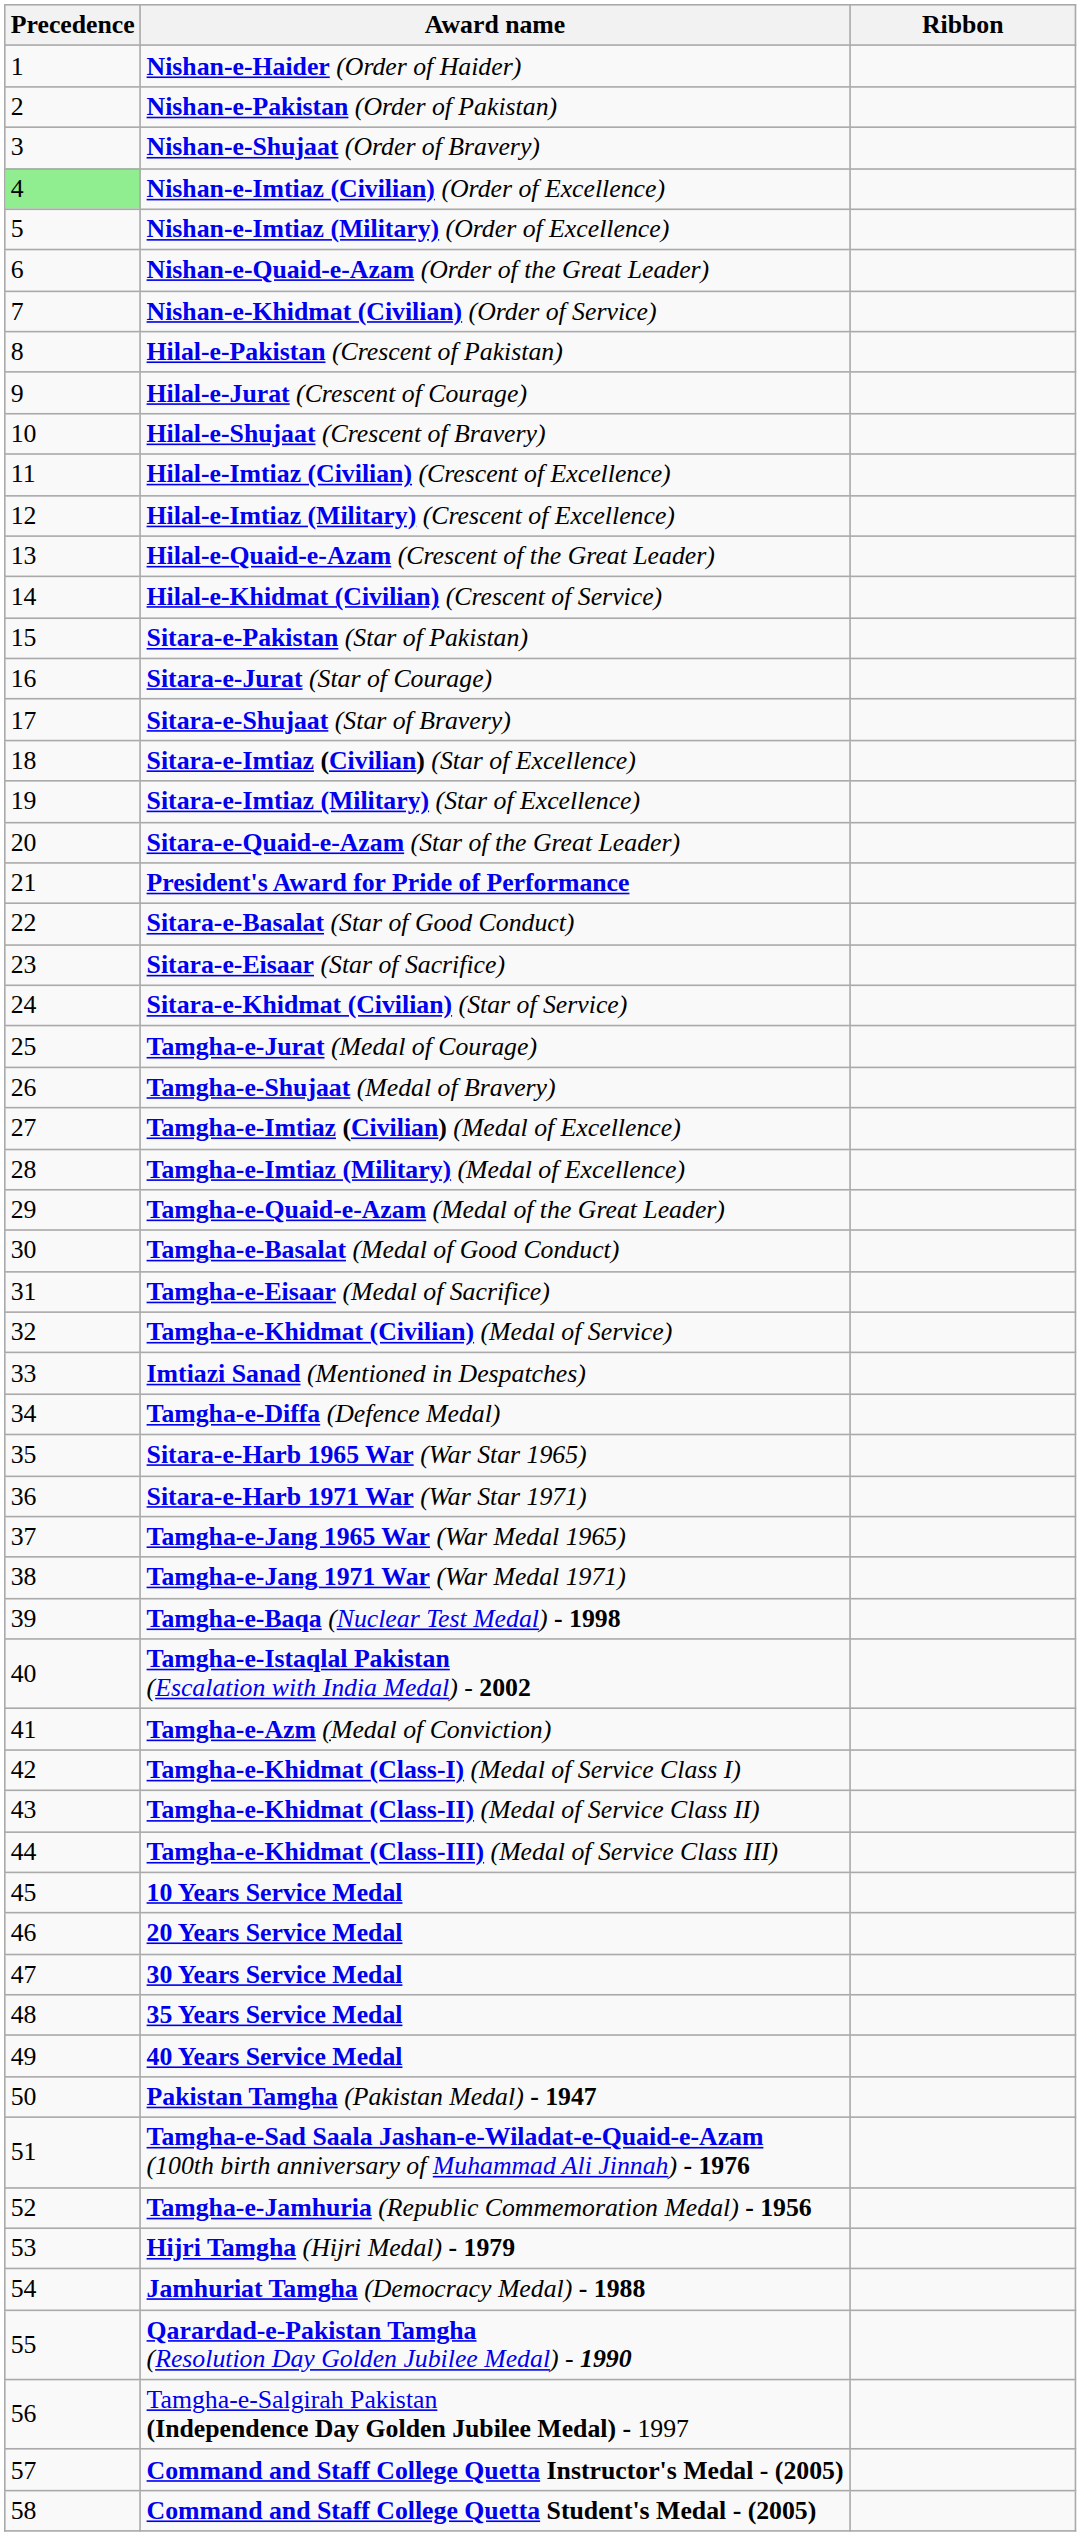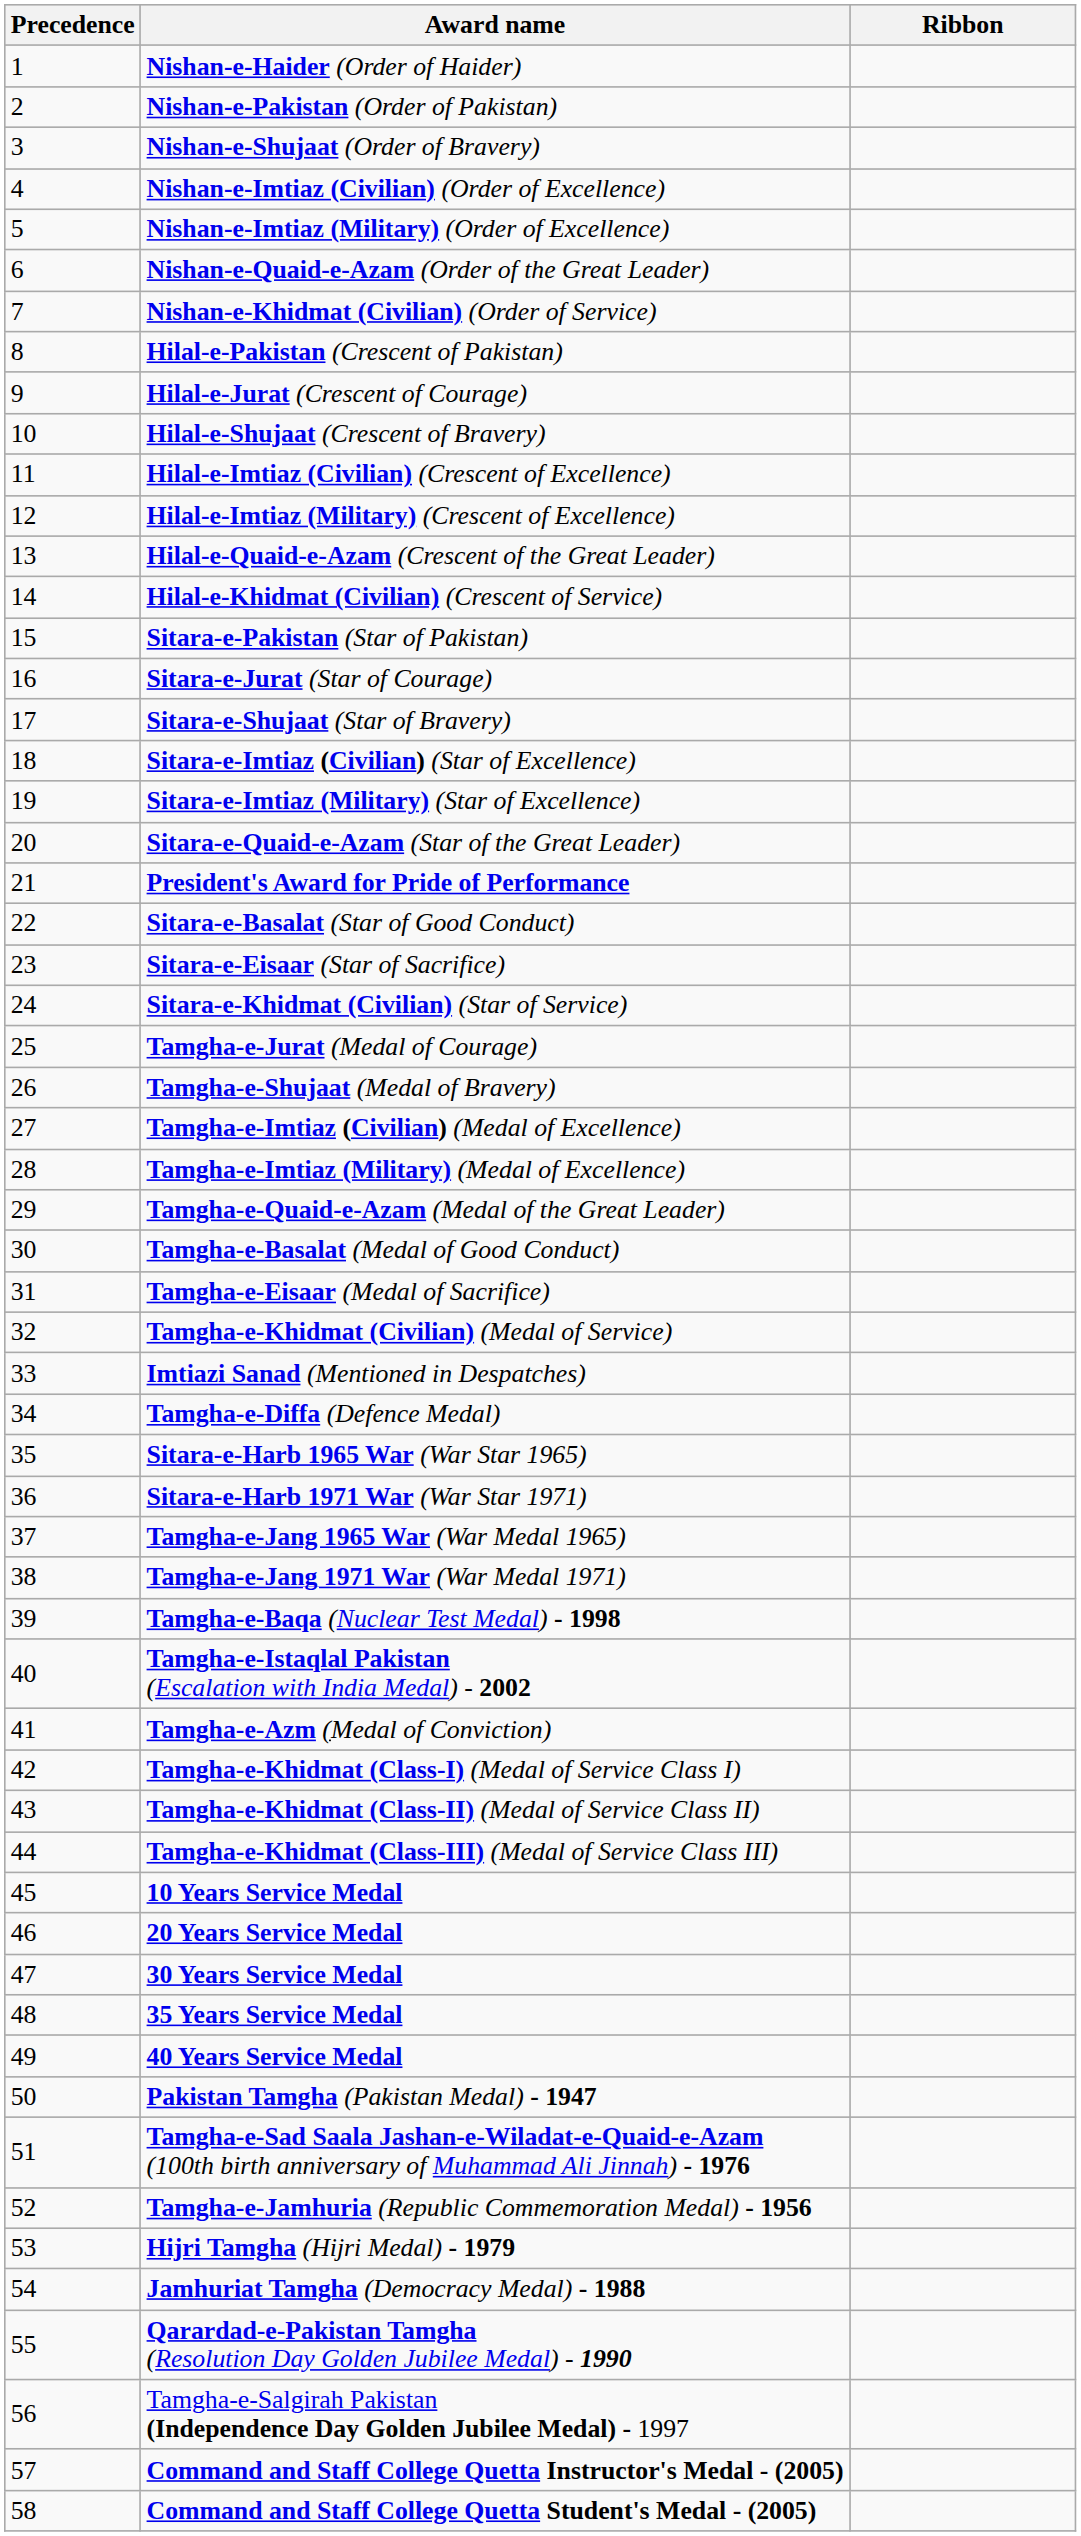 <table class="wikitable sortable">
 <tr>
 <th>Precedence</th>
 <th>Award name</th>
 <th style="width: 100pt;">Ribbon</th>
 </tr>
 <tr>
 <td>1</td>
 <td><strong><a href='#'>Nishan-e-Haider</a></strong> <em>(Order of Haider)</em></td>
 <td width="100" style="text-align: center;"></td>
 </tr>
 <tr>
 <td>2</td>
 <td><strong><a href='#'>Nishan-e-Pakistan</a></strong> <em>(Order of Pakistan)</em></td>
 <td width="100" style="text-align: center;"></td>
 </tr>
 <tr>
 <td>3</td>
 <td><strong><a href='#'>Nishan-e-Shujaat</a></strong> <em>(Order of Bravery)</em></td>
 <td width="100" style="text-align: center;"></td>
 </tr>
 <tr>
-<td style="background: lightgreen;">4</td>
+<td>4</td>
 <td><strong><a href='#'>Nishan-e-Imtiaz (Civilian)</a></strong> <em>(Order of Excellence)</em></td>
 <td width="100" style="text-align: center;"></td>
 </tr>
 <tr>
 <td>5</td>
 <td><strong><a href='#'>Nishan-e-Imtiaz (Military)</a></strong> <em>(Order of Excellence)</em></td>
 <td width="100" style="text-align: center;"></td>
 </tr>
 <tr>
 <td>6</td>
 <td><strong><a href='#'>Nishan-e-Quaid-e-Azam</a></strong> <em>(Order of the Great Leader)</em></td>
 <td width="100" style="text-align: center;"></td>
 </tr>
 <tr>
 <td>7</td>
 <td><strong><a href='#'>Nishan-e-Khidmat (Civilian)</a></strong> <em>(Order of Service)</em></td>
 <td width="100" style="text-align: center;"></td>
 </tr>
 <tr>
 <td>8</td>
 <td><strong><a href='#'>Hilal-e-Pakistan</a></strong> <em>(Crescent of Pakistan)</em></td>
 <td width="100" style="text-align: center;"></td>
 </tr>
 <tr>
 <td>9</td>
 <td><strong><a href='#'>Hilal-e-Jurat</a></strong> <em>(Crescent of Courage)</em></td>
 <td width="100" style="text-align: center;"></td>
 </tr>
 <tr>
 <td>10</td>
 <td><strong><a href='#'>Hilal-e-Shujaat</a></strong> <em>(Crescent of Bravery)</em></td>
 <td width="100" style="text-align: center;"></td>
 </tr>
 <tr>
 <td>11</td>
 <td><strong><a href='#'>Hilal-e-Imtiaz (Civilian)</a></strong> <em>(Crescent of Excellence)</em></td>
 <td width="100" style="text-align: center;"></td>
 </tr>
 <tr>
 <td>12</td>
 <td><strong><a href='#'>Hilal-e-Imtiaz (Military)</a></strong> <em>(Crescent of Excellence)</em></td>
 <td width="100" style="text-align: center;"></td>
 </tr>
 <tr>
 <td>13</td>
 <td><strong><a href='#'>Hilal-e-Quaid-e-Azam</a></strong> <em>(Crescent of the Great Leader)</em></td>
 <td width="100" style="text-align: center;"></td>
 </tr>
 <tr>
 <td>14</td>
 <td><strong><a href='#'>Hilal-e-Khidmat (Civilian)</a></strong> <em>(Crescent of Service)</em></td>
 <td width="100" style="text-align: center;"></td>
 </tr>
 <tr>
 <td>15</td>
 <td><strong><a href='#'>Sitara-e-Pakistan</a></strong> <em>(Star of Pakistan)</em></td>
 <td width="100" style="text-align: center;"></td>
 </tr>
 <tr>
 <td>16</td>
 <td><strong><a href='#'>Sitara-e-Jurat</a></strong> <em>(Star of Courage)</em></td>
 <td width="100" style="text-align: center;"></td>
 </tr>
 <tr>
 <td>17</td>
 <td><strong><a href='#'>Sitara-e-Shujaat</a></strong> <em>(Star  of Bravery)</em></td>
 <td width="100" style="text-align: center;"></td>
 </tr>
 <tr>
 <td>18</td>
 <td><strong><a href='#'>Sitara-e-Imtiaz</a> (<a href='#'>Civilian</a>)</strong> <em>(Star of Excellence)</em></td>
 <td width="100" style="text-align: center;"></td>
 </tr>
 <tr>
 <td>19</td>
 <td><strong><a href='#'>Sitara-e-Imtiaz (Military)</a></strong> <em>(Star of Excellence)</em></td>
 <td style="width: 100pt; text-align: center;"></td>
 </tr>
 <tr>
 <td>20</td>
 <td><strong><a href='#'>Sitara-e-Quaid-e-Azam</a></strong> <em>(Star of the Great Leader)</em></td>
 <td style="width: 100pt; text-align: center;"></td>
 </tr>
 <tr>
 <td>21</td>
 <td><strong><a href='#'>President's Award for Pride of Performance</a></strong></td>
 <td width="100" style="text-align: center;"></td>
 </tr>
 <tr>
 <td>22</td>
 <td><strong><a href='#'>Sitara-e-Basalat</a></strong> <em>(Star of Good Conduct)</em></td>
 <td width="100" style="text-align: center;"></td>
 </tr>
 <tr>
 <td>23</td>
 <td><strong><a href='#'>Sitara-e-Eisaar</a></strong> <em>(Star of Sacrifice)</em></td>
 <td width="100" style="text-align: center;"></td>
 </tr>
 <tr>
 <td>24</td>
 <td><strong><a href='#'>Sitara-e-Khidmat (Civilian)</a></strong> <em>(Star of Service)</em></td>
 <td width="100" style="text-align: center;"></td>
 </tr>
 <tr>
 <td>25</td>
 <td><strong><a href='#'>Tamgha-e-Jurat</a></strong> <em>(Medal of Courage)</em></td>
 <td width="100" style="text-align: center;"></td>
 </tr>
 <tr>
 <td>26</td>
 <td><strong><a href='#'>Tamgha-e-Shujaat</a></strong> <em>(Medal of Bravery)</em></td>
 <td width="100" style="text-align: center;"></td>
 </tr>
 <tr>
 <td>27</td>
 <td><strong><a href='#'>Tamgha-e-Imtiaz</a> (<a href='#'>Civilian</a>)</strong> <em>(Medal of Excellence)</em></td>
 <td width="100" style="text-align: center;"></td>
 </tr>
 <tr>
 <td>28</td>
 <td><strong><a href='#'>Tamgha-e-Imtiaz (Military)</a></strong> <em>(Medal of Excellence)</em></td>
 <td width="100" style="text-align: center;"></td>
 </tr>
 <tr>
 <td>29</td>
 <td><strong><a href='#'>Tamgha-e-Quaid-e-Azam</a></strong> <em>(Medal of the Great Leader)</em></td>
 <td width="100" style="text-align: center;"></td>
 </tr>
 <tr>
 <td>30</td>
 <td><strong><a href='#'>Tamgha-e-Basalat</a></strong> <em>(Medal of Good Conduct)</em></td>
 <td width="100" style="text-align: center;"></td>
 </tr>
 <tr>
 <td>31</td>
 <td><strong><a href='#'>Tamgha-e-Eisaar</a></strong> <em>(Medal of Sacrifice)</em></td>
 <td width="100" style="text-align: center;"></td>
 </tr>
 <tr>
 <td>32</td>
 <td><strong><a href='#'>Tamgha-e-Khidmat (Civilian)</a></strong> <em>(Medal of Service)</em></td>
 <td width="100" style="text-align: center;"></td>
 </tr>
 <tr>
 <td>33</td>
 <td><strong><a href='#'>Imtiazi Sanad</a></strong> <em>(Mentioned in Despatches)</em></td>
 <td width="100" style="text-align: center;"></td>
 </tr>
 <tr>
 <td>34</td>
 <td><strong><a href='#'>Tamgha-e-Diffa</a></strong> <em>(Defence Medal)</em></td>
 <td width="100" style="text-align: center;"></td>
 </tr>
 <tr>
 <td>35</td>
 <td><strong><a href='#'>Sitara-e-Harb 1965 War</a></strong> <em>(War Star 1965)</em></td>
 <td width="100" style="text-align: center;"></td>
 </tr>
 <tr>
 <td>36</td>
 <td><strong><a href='#'>Sitara-e-Harb 1971 War</a></strong> <em>(War Star 1971)</em></td>
 <td width="100" style="text-align: center;"></td>
 </tr>
 <tr>
 <td>37</td>
 <td><strong><a href='#'>Tamgha-e-Jang 1965 War</a></strong> <em>(War Medal 1965)</em></td>
 <td width="100" style="text-align: center;"></td>
 </tr>
 <tr>
 <td>38</td>
 <td><strong><a href='#'>Tamgha-e-Jang 1971 War</a></strong> <em>(War Medal 1971)</em></td>
 <td width="100" style="text-align: center;"></td>
 </tr>
 <tr>
 <td>39</td>
 <td><strong><a href='#'>Tamgha-e-Baqa</a></strong> <em>(<a href='#'>Nuclear Test Medal</a>)</em> <strong>- 1998</strong></td>
 <td width="100" style="text-align: center;"></td>
 </tr>
 <tr>
 <td>40</td>
 <td><strong><a href='#'>Tamgha-e-Istaqlal Pakistan</a></strong><br><em>(<a href='#'>Escalation with India Medal</a>) -</em> <strong>2002</strong></td>
 <td width="100" style="text-align: center;"></td>
 </tr>
 <tr>
 <td>41</td>
 <td><strong><a href='#'>Tamgha-e-Azm</a></strong> <em><u>(</u>Medal of Conviction)</em></td>
 <td width="100" style="text-align: center;"></td>
 </tr>
 <tr>
 <td>42</td>
 <td><strong><a href='#'>Tamgha-e-Khidmat (Class-I)</a></strong> <em>(Medal of Service Class I)</em></td>
 <td width="100" style="text-align: center;"></td>
 </tr>
 <tr>
 <td>43</td>
 <td><strong><a href='#'>Tamgha-e-Khidmat (Class-II)</a></strong> <em>(Medal of Service Class II)</em></td>
 <td width="100" style="text-align: center;"></td>
 </tr>
 <tr>
 <td>44</td>
 <td><strong><a href='#'>Tamgha-e-Khidmat (Class-III)</a></strong> <em>(Medal of Service Class III)</em></td>
 <td width="100" style="text-align: center;"></td>
 </tr>
 <tr>
 <td>45</td>
 <td><strong><a href='#'>10 Years Service Medal</a></strong></td>
 <td width="100" style="text-align: center;"></td>
 </tr>
 <tr>
 <td>46</td>
 <td><strong><a href='#'>20 Years Service Medal</a></strong></td>
 <td width="100" style="text-align: center;"></td>
 </tr>
 <tr>
 <td>47</td>
 <td><strong><a href='#'>30 Years Service Medal</a></strong></td>
 <td width="100" style="text-align: center;"></td>
 </tr>
 <tr>
 <td>48</td>
 <td><strong><a href='#'>35 Years Service Medal</a></strong></td>
 <td width="100" style="text-align: center;"></td>
 </tr>
 <tr>
 <td>49</td>
 <td><strong><a href='#'>40 Years Service Medal</a></strong></td>
 <td width="100" style="text-align: center;"></td>
 </tr>
 <tr>
 <td>50</td>
 <td><strong><a href='#'>Pakistan Tamgha</a></strong> <em>(Pakistan Medal)</em> <strong>- 1947</strong></td>
 <td width="100" style="text-align: center;"></td>
 </tr>
 <tr>
 <td>51</td>
 <td><strong><a href='#'>Tamgha-e-Sad Saala Jashan-e-Wiladat-e-Quaid-e-Azam</a></strong><br><em>(100th birth anniversary of <a href='#'>Muhammad Ali Jinnah</a>)</em> <strong>- 1976</strong></td>
 <td width="100" style="text-align: center;"></td>
 </tr>
 <tr>
 <td>52</td>
 <td><strong><a href='#'>Tamgha-e-Jamhuria</a></strong> <em>(Republic Commemoration Medal)</em> <strong>- 1956</strong></td>
 <td width="100" style="text-align: center;"></td>
 </tr>
 <tr>
 <td>53</td>
 <td><strong><a href='#'>Hijri Tamgha</a></strong> <em>(Hijri Medal)</em> <strong>- 1979</strong></td>
 <td width="100" style="text-align: center;"></td>
 </tr>
 <tr>
 <td>54</td>
 <td><strong><a href='#'>Jamhuriat Tamgha</a></strong> <em>(Democracy Medal)</em> <strong>- 1988</strong></td>
 <td width="100" style="text-align: center;"></td>
 </tr>
 <tr>
 <td>55</td>
 <td><strong><a href='#'>Qarardad-e-Pakistan Tamgha</a></strong><br><em>(<a href='#'>Resolution Day Golden Jubilee Medal</a>) - <strong>1990<strong><em></td>
 <td width="100" style="text-align: center;"></td>
 </tr>
 <tr>
 <td>56</td>
 <td></strong><a href='#'>Tamgha-e-Salgirah Pakistan</a><strong><br></em>(Independence Day Golden Jubilee Medal) - </strong>1997</em></strong></td>
 <td width="100" style="text-align: center;"></td>
 </tr>
 <tr>
 <td>57</td>
 <td><strong><a href='#'>Command and Staff College Quetta</a> Instructor's Medal - (2005)</strong></td>
 <td width="100" style="text-align: center;"></td>
 </tr>
 <tr>
 <td>58</td>
 <td><strong><a href='#'>Command and Staff College Quetta</a> Student's Medal - (2005)</strong></td>
 <td width="100" style="text-align: center;"></td>
 </tr>
 </table>
